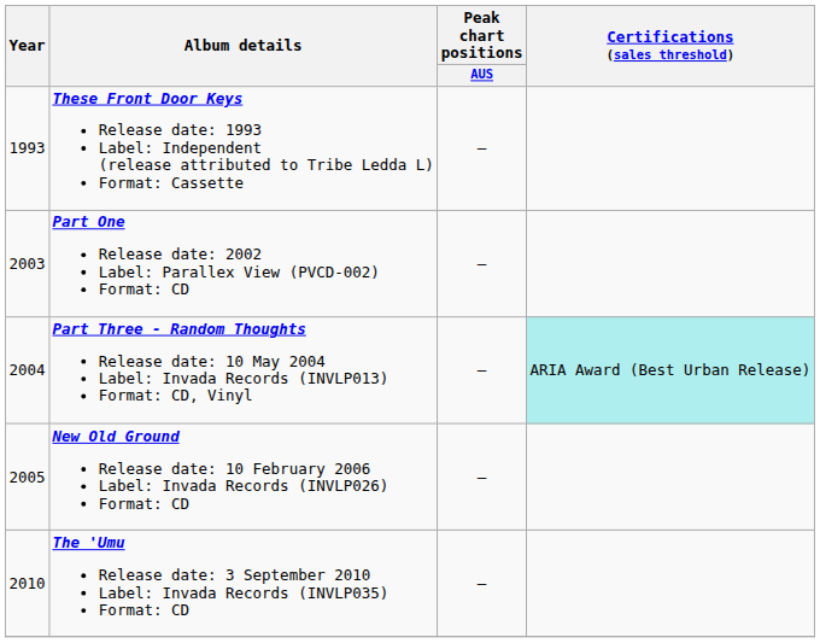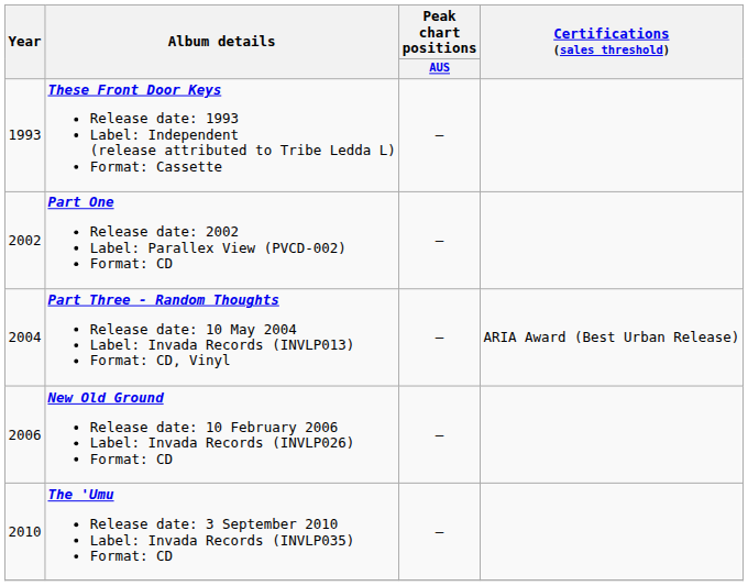 <table class="wikitable" style="text-align:center;">
 <tr>
 <th rowspan="2">Year</th>
 <th rowspan="2">Album details</th>
 <th colspan="1">Peak chart positions</th>
 <th rowspan="2"><a href='#'>Certifications</a><br><small>(<a href='#'>sales threshold</a>)</small></th>
 </tr>
 <tr style="font-size:smaller;">
 <th width="30"><a href='#'>AUS</a></th>
 </tr>
 <tr>
 <td>1993</td>
 <td align="left"><strong><em><a href='#'>These Front Door Keys</a></em></strong><br><ul><li>Release date: 1993</li><li>Label: Independent <br>(release attributed to Tribe Ledda L)</li><li>Format: Cassette</li></ul></td>
 <td>—</td>
 <td align="left"></td>
 </tr>
 <tr>
-<td>2003</td>
+<td>2002</td>
 <td align="left"><strong><em><a href='#'>Part One</a></em></strong><br><ul><li>Release date: 2002</li><li>Label: Parallex View (PVCD-002)</li><li>Format: CD</li></ul></td>
 <td>—</td>
 <td align="left"></td>
 </tr>
 <tr>
 <td>2004</td>
 <td align="left"><strong><em><a href='#'>Part Three - Random Thoughts</a></em></strong><br><ul><li>Release date: 10 May 2004</li><li>Label: Invada Records (INVLP013)</li><li>Format: CD, Vinyl</li></ul></td>
 <td>—</td>
-<td align="left" style="background: paleturquoise;">ARIA Award (Best Urban Release)</td>
+<td align="left">ARIA Award (Best Urban Release)</td>
 </tr>
 <tr>
-<td>2005</td>
+<td>2006</td>
 <td align="left"><strong><em><a href='#'>New Old Ground</a></em></strong><br><ul><li>Release date: 10 February 2006</li><li>Label: Invada Records (INVLP026)</li><li>Format: CD</li></ul></td>
 <td>—</td>
 <td align="left"></td>
 </tr>
 <tr>
 <td>2010</td>
 <td align="left"><strong><em><a href='#'>The 'Umu</a></em></strong><br><ul><li>Release date: 3 September 2010</li><li>Label: Invada Records (INVLP035)</li><li>Format: CD</li></ul></td>
 <td>—</td>
 <td align="left"></td>
 </tr>
 <tr>
 </tr>
 </table>
